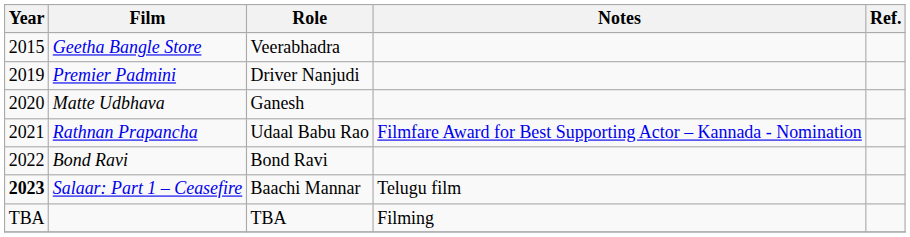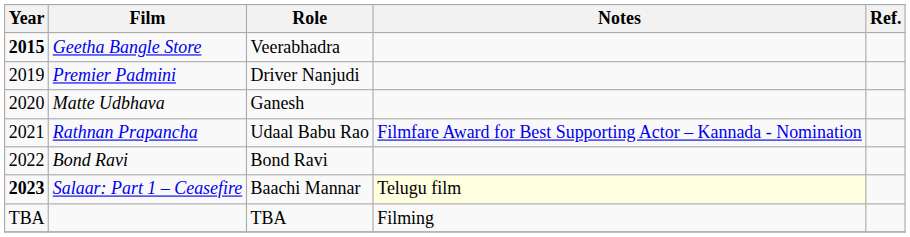 <table class="wikitable sortable">
 <tr>
 <th>Year</th>
 <th>Film</th>
 <th>Role</th>
 <th>Notes</th>
 <th>Ref.</th>
 </tr>
 <tr>
-<td>2015</td>
+<td><strong>2015</strong></td>
 <td><em><a href='#'>Geetha Bangle Store</a></em></td>
 <td>Veerabhadra</td>
 <td></td>
 <td></td>
 </tr>
 <tr>
 <td>2019</td>
 <td><em><a href='#'>Premier Padmini</a></em></td>
 <td>Driver Nanjudi</td>
 <td></td>
 <td></td>
 </tr>
 <tr>
 <td>2020</td>
 <td><em>Matte Udbhava</em></td>
 <td>Ganesh</td>
 <td></td>
 <td></td>
 </tr>
 <tr>
 <td>2021</td>
 <td><em><a href='#'>Rathnan Prapancha</a></em></td>
 <td>Udaal Babu Rao</td>
 <td><a href='#'>Filmfare Award for Best Supporting Actor – Kannada - Nomination</a></td>
 <td></td>
 </tr>
 <tr>
 <td>2022</td>
 <td><em>Bond Ravi</em></td>
 <td>Bond Ravi</td>
 <td></td>
 <td></td>
 </tr>
 <tr>
 <td><strong>2023</strong></td>
 <td><em><a href='#'>Salaar: Part 1 – Ceasefire</a></em></td>
 <td>Baachi Mannar</td>
-<td>Telugu film</td>
+<td style="background: lightyellow;">Telugu film</td>
 <td></td>
 </tr>
 <tr>
 <td>TBA</td>
 <td><em></em></td>
 <td>TBA</td>
 <td>Filming</td>
 <td></td>
 </tr>
 <tr>
 </tr>
 </table>
